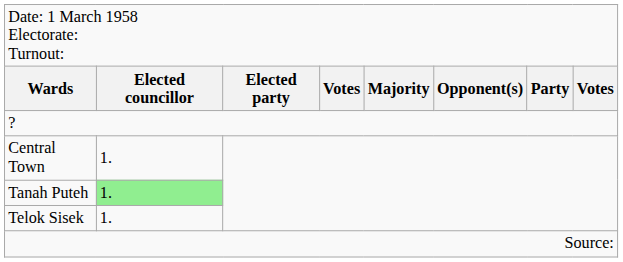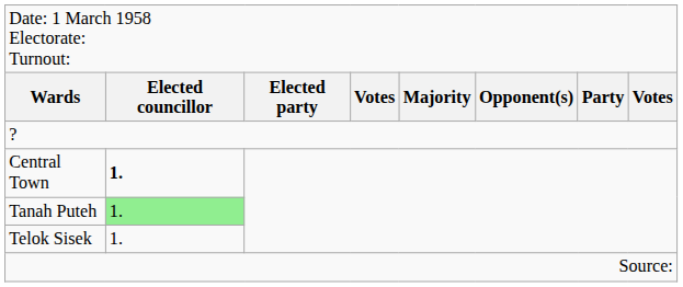 <table class=wikitable>
 <tr>
 <td colspan=8>Date: 1 March 1958<br>Electorate: <br>Turnout:</td>
 </tr>
 <tr>
 <th>Wards</th>
 <th>Elected councillor</th>
 <th>Elected party</th>
 <th>Votes</th>
 <th>Majority</th>
 <th>Opponent(s)</th>
 <th>Party</th>
 <th>Votes</th>
 </tr>
 <tr>
 <td colspan=8>? </td>
 </tr>
 <tr>
 <td>Central Town</td>
-<td>1.</td>
+<td><strong>1.</strong></td>
 </tr>
 <tr>
 <td>Tanah Puteh</td>
 <td style="background: lightgreen;">1.</td>
 </tr>
 <tr>
 <td>Telok Sisek</td>
 <td>1.</td>
 </tr>
 <tr>
 <td colspan="8" style="text-align:right;">Source: </td>
 </tr>
 </table>
